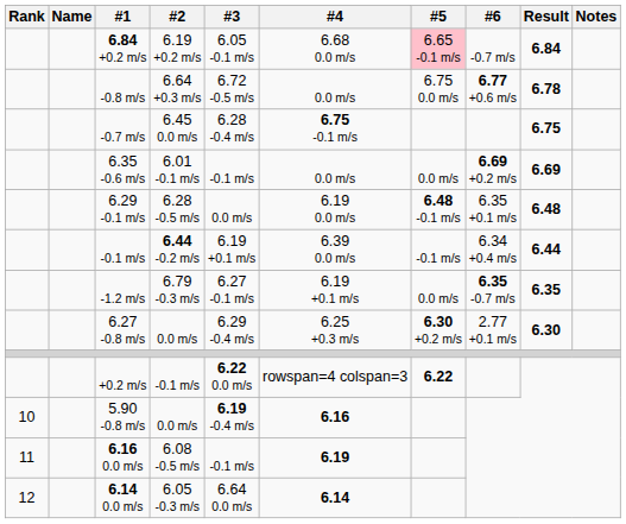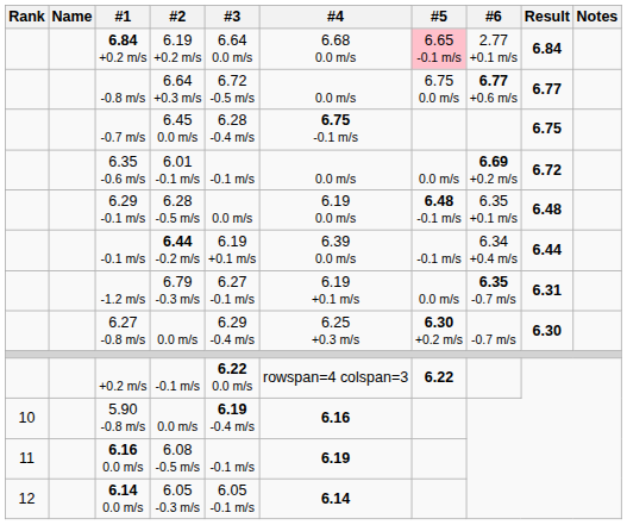 <table class="wikitable sortable" style="text-align:center">
 <tr>
 <th>Rank</th>
 <th>Name</th>
 <th>#1</th>
 <th>#2</th>
 <th>#3</th>
 <th>#4</th>
 <th>#5</th>
 <th>#6</th>
 <th>Result</th>
 <th>Notes</th>
 </tr>
 <tr>
 <td></td>
 <td align="left"></td>
 <td><strong>6.84</strong><br><small>+0.2 m/s</small></td>
 <td>6.19<br><small>+0.2 m/s</small></td>
-<td>6.05<br><small>-0.1 m/s</small></td>
+<td>6.64<br><small>0.0 m/s</small></td>
 <td>6.68<br><small>0.0 m/s</small></td>
 <td style="background: pink;">6.65<br><small>-0.1 m/s</small></td>
-<td><br><small>-0.7 m/s</small></td>
+<td>2.77<br><small>+0.1 m/s</small></td>
 <td><strong>6.84</strong></td>
 <td></td>
 </tr>
 <tr>
 <td></td>
 <td align="left"></td>
 <td><br><small>-0.8 m/s</small></td>
 <td>6.64<br><small>+0.3 m/s</small></td>
 <td>6.72<br><small>-0.5 m/s</small></td>
 <td><br><small>0.0 m/s</small></td>
 <td>6.75<br><small>0.0 m/s</small></td>
 <td><strong>6.77</strong><br><small>+0.6 m/s</small></td>
-<td><strong>6.78</strong></td>
+<td><strong>6.77</strong></td>
 <td></td>
 </tr>
 <tr>
 <td></td>
 <td align="left"></td>
 <td><br><small>-0.7 m/s</small></td>
 <td>6.45<br><small>0.0 m/s</small></td>
 <td>6.28<br><small>-0.4 m/s</small></td>
 <td><strong>6.75</strong><br><small>-0.1 m/s</small></td>
 <td></td>
 <td></td>
 <td><strong>6.75</strong></td>
 <td></td>
 </tr>
 <tr>
 <td></td>
 <td align="left"></td>
 <td>6.35<br><small>-0.6 m/s</small></td>
 <td>6.01<br><small>-0.1 m/s</small></td>
 <td><br><small>-0.1 m/s</small></td>
 <td><br><small>0.0 m/s</small></td>
 <td><br><small>0.0 m/s</small></td>
 <td><strong>6.69</strong><br><small>+0.2 m/s</small></td>
-<td><strong>6.69</strong></td>
+<td><strong>6.72</strong></td>
 <td></td>
 </tr>
 <tr>
 <td></td>
 <td align="left"></td>
 <td>6.29<br><small>-0.1 m/s</small></td>
 <td>6.28<br><small>-0.5 m/s</small></td>
 <td><br><small>0.0 m/s</small></td>
 <td>6.19<br><small>0.0 m/s</small></td>
 <td><strong>6.48</strong><br><small>-0.1 m/s</small></td>
 <td>6.35<br><small>+0.1 m/s</small></td>
 <td><strong>6.48</strong></td>
 <td></td>
 </tr>
 <tr>
 <td></td>
 <td align="left"></td>
 <td><br><small>-0.1 m/s</small></td>
 <td><strong>6.44</strong><br><small>-0.2 m/s</small></td>
 <td>6.19<br><small>+0.1 m/s</small></td>
 <td>6.39<br><small>0.0 m/s</small></td>
 <td><br><small>-0.1 m/s</small></td>
 <td>6.34<br><small>+0.4 m/s</small></td>
 <td><strong>6.44</strong></td>
 <td></td>
 </tr>
 <tr>
 <td></td>
 <td align="left"></td>
 <td><br><small>-1.2 m/s</small></td>
 <td>6.79<br><small>-0.3 m/s</small></td>
 <td>6.27<br><small>-0.1 m/s</small></td>
 <td>6.19<br><small>+0.1 m/s</small></td>
 <td><br><small>0.0 m/s</small></td>
 <td><strong>6.35</strong><br><small>-0.7 m/s</small></td>
-<td><strong>6.35</strong></td>
+<td><strong>6.31</strong></td>
 <td></td>
 </tr>
 <tr>
 <td></td>
 <td align="left"></td>
 <td>6.27<br><small>-0.8 m/s</small></td>
 <td><br><small>0.0 m/s</small></td>
 <td>6.29<br><small>-0.4 m/s</small></td>
 <td>6.25<br><small>+0.3 m/s</small></td>
 <td><strong>6.30</strong><br><small>+0.2 m/s</small></td>
-<td>2.77<br><small>+0.1 m/s</small></td>
+<td><br><small>-0.7 m/s</small></td>
 <td><strong>6.30</strong></td>
 <td></td>
 </tr>
 <tr>
 <td colspan=10 bgcolor=lightgray></td>
 </tr>
 <tr>
 <td></td>
 <td align="left"></td>
 <td><br><small>+0.2 m/s</small></td>
 <td><br><small>-0.1 m/s</small></td>
 <td><strong>6.22</strong><br><small>0.0 m/s</small></td>
 <td>rowspan=4 colspan=3 </td>
 <td><strong>6.22</strong></td>
 <td></td>
 </tr>
 <tr>
 <td>10</td>
 <td align="left"></td>
 <td>5.90<br><small>-0.8 m/s</small></td>
 <td><br><small>0.0 m/s</small></td>
 <td><strong>6.19</strong><br><small>-0.4 m/s</small></td>
 <td><strong>6.16</strong></td>
 <td></td>
 </tr>
 <tr>
 <td>11</td>
 <td align="left"></td>
 <td><strong>6.16</strong><br><small>0.0 m/s</small></td>
 <td>6.08<br><small>-0.5 m/s</small></td>
 <td><br><small>-0.1 m/s</small></td>
 <td><strong>6.19</strong></td>
 <td></td>
 </tr>
 <tr>
 <td>12</td>
 <td align="left"></td>
 <td><strong>6.14</strong><br><small>0.0 m/s</small></td>
 <td>6.05<br><small>-0.3 m/s</small></td>
-<td>6.64<br><small>0.0 m/s</small></td>
+<td>6.05<br><small>-0.1 m/s</small></td>
 <td><strong>6.14</strong></td>
 <td></td>
 </tr>
 </table>
